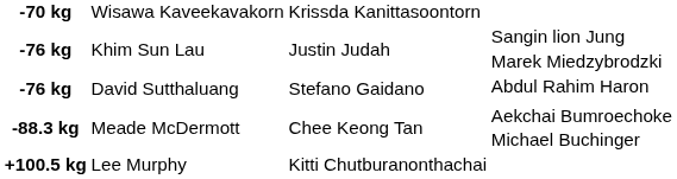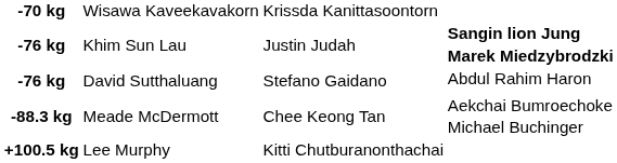 <table>
 <tr>
 <th scope=row rowspan=2>-70 kg</th>
 <td rowspan=2> Wisawa Kaveekavakorn</td>
 <td rowspan=2> Krissda Kanittasoontorn</td>
 <td></td>
 </tr>
 <tr>
 <td></td>
 </tr>
 <tr>
 <th scope=row rowspan=2>-76 kg</th>
 <td rowspan=2> Khim Sun Lau</td>
 <td rowspan=2> Justin Judah</td>
-<td> Sangin lion Jung</td>
+<td><strong> Sangin lion Jung</strong></td>
 </tr>
 <tr>
-<td> Marek Miedzybrodzki</td>
+<td><strong> Marek Miedzybrodzki</strong></td>
 </tr>
 <tr>
 <th scope=row rowspan=2>-76 kg</th>
 <td rowspan=2> David Sutthaluang</td>
 <td rowspan=2> Stefano Gaidano</td>
 <td> Abdul Rahim Haron</td>
 </tr>
 <tr>
 <td></td>
 </tr>
 <tr>
 <th scope=row rowspan=2>-88.3 kg</th>
 <td rowspan=2> Meade McDermott</td>
 <td rowspan=2> Chee Keong Tan</td>
 <td> Aekchai Bumroechoke</td>
 </tr>
 <tr>
 <td> Michael Buchinger</td>
 </tr>
 <tr>
 <th scope=row rowspan=2>+100.5 kg</th>
 <td rowspan=2> Lee Murphy</td>
 <td rowspan=2> Kitti Chutburanonthachai</td>
 <td></td>
 </tr>
 <tr>
 <td></td>
 </tr>
 </table>
